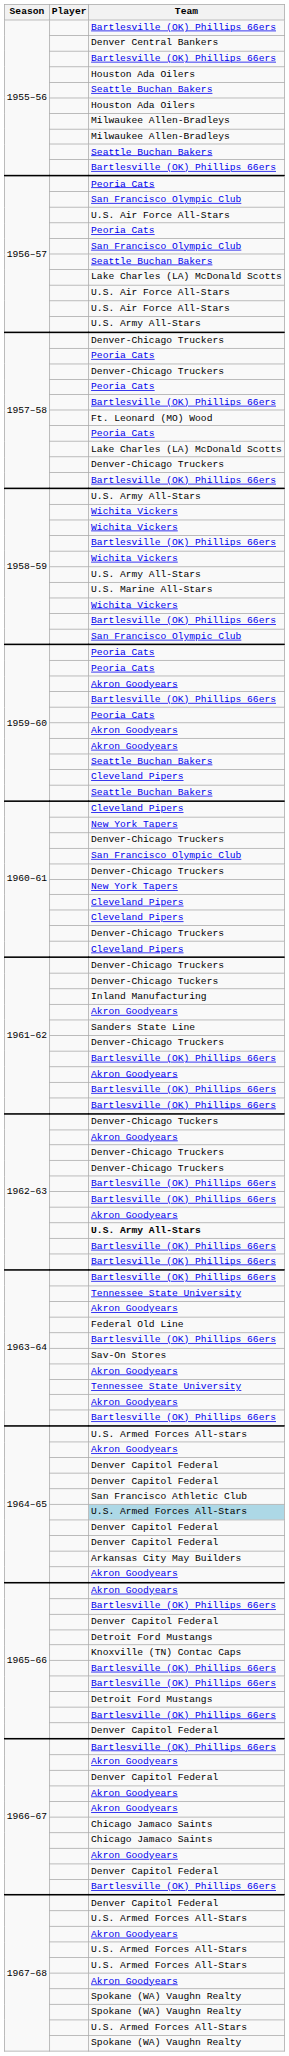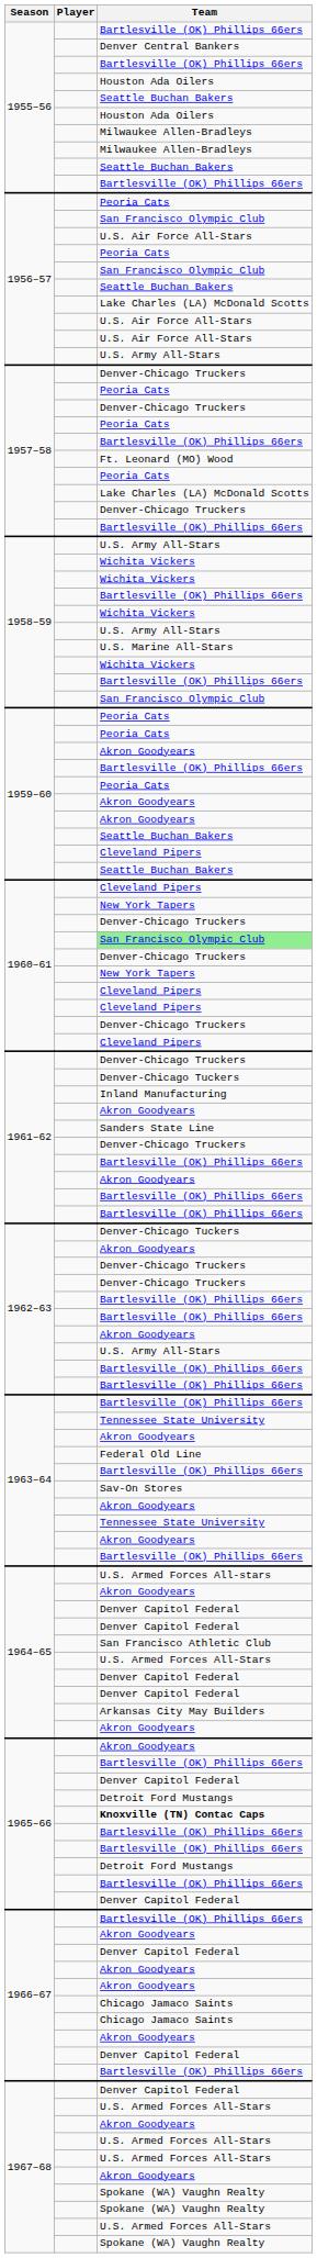 <table class="wikitable"  style="font-size:95%">
 <tr>
 <th>Season</th>
 <th>Player</th>
 <th>Team</th>
 </tr>
 <tr align=center>
 <td rowspan=10>1955–56</td>
 <td></td>
 <td align=left><a href='#'>Bartlesville (OK) Phillips 66ers</a></td>
 </tr>
 <tr align=center>
 <td></td>
 <td align=left>Denver Central Bankers</td>
 </tr>
 <tr align=center>
 <td></td>
 <td align=left><a href='#'>Bartlesville (OK) Phillips 66ers</a></td>
 </tr>
 <tr align=center>
 <td></td>
 <td align=left>Houston Ada Oilers</td>
 </tr>
 <tr align=center>
 <td></td>
 <td align=left><a href='#'>Seattle Buchan Bakers</a></td>
 </tr>
 <tr align=center>
 <td></td>
 <td align=left>Houston Ada Oilers</td>
 </tr>
 <tr align=center>
 <td></td>
 <td align=left>Milwaukee Allen-Bradleys</td>
 </tr>
 <tr align=center>
 <td></td>
 <td align=left>Milwaukee Allen-Bradleys</td>
 </tr>
 <tr align=center>
 <td></td>
 <td align=left><a href='#'>Seattle Buchan Bakers</a></td>
 </tr>
 <tr align=center>
 <td></td>
 <td align=left><a href='#'>Bartlesville (OK) Phillips 66ers</a></td>
 </tr>
 <tr style="border-top:2px solid black" align=center>
 <td rowspan=10>1956–57</td>
 <td></td>
 <td align=left><a href='#'>Peoria Cats</a></td>
 </tr>
 <tr align=center>
 <td></td>
 <td align=left><a href='#'>San Francisco Olympic Club</a></td>
 </tr>
 <tr align=center>
 <td></td>
 <td align=left>U.S. Air Force All-Stars</td>
 </tr>
 <tr align=center>
 <td></td>
 <td align=left><a href='#'>Peoria Cats</a></td>
 </tr>
 <tr align=center>
 <td></td>
 <td align=left><a href='#'>San Francisco Olympic Club</a></td>
 </tr>
 <tr align=center>
 <td></td>
 <td align=left><a href='#'>Seattle Buchan Bakers</a></td>
 </tr>
 <tr align=center>
 <td></td>
 <td align=left>Lake Charles (LA) McDonald Scotts</td>
 </tr>
 <tr align=center>
 <td></td>
 <td align=left>U.S. Air Force All-Stars</td>
 </tr>
 <tr align=center>
 <td></td>
 <td align=left>U.S. Air Force All-Stars</td>
 </tr>
 <tr align=center>
 <td></td>
 <td align=left>U.S. Army All-Stars</td>
 </tr>
 <tr style="border-top:2px solid black" align=center>
 <td rowspan=10>1957–58</td>
 <td></td>
 <td align=left>Denver-Chicago Truckers</td>
 </tr>
 <tr align=center>
 <td></td>
 <td align=left><a href='#'>Peoria Cats</a></td>
 </tr>
 <tr align=center>
 <td></td>
 <td align=left>Denver-Chicago Truckers</td>
 </tr>
 <tr align=center>
 <td></td>
 <td align=left><a href='#'>Peoria Cats</a></td>
 </tr>
 <tr align=center>
 <td></td>
 <td align=left><a href='#'>Bartlesville (OK) Phillips 66ers</a></td>
 </tr>
 <tr align=center>
 <td></td>
 <td align=left>Ft. Leonard (MO) Wood</td>
 </tr>
 <tr align=center>
 <td></td>
 <td align=left><a href='#'>Peoria Cats</a></td>
 </tr>
 <tr align=center>
 <td></td>
 <td align=left>Lake Charles (LA) McDonald Scotts</td>
 </tr>
 <tr align=center>
 <td></td>
 <td align=left>Denver-Chicago Truckers</td>
 </tr>
 <tr align=center>
 <td></td>
 <td align=left><a href='#'>Bartlesville (OK) Phillips 66ers</a></td>
 </tr>
 <tr style="border-top:2px solid black" align=center>
 <td rowspan=10>1958–59</td>
 <td></td>
 <td align=left>U.S. Army All-Stars</td>
 </tr>
 <tr align=center>
 <td></td>
 <td align=left><a href='#'>Wichita Vickers</a></td>
 </tr>
 <tr align=center>
 <td></td>
 <td align=left><a href='#'>Wichita Vickers</a></td>
 </tr>
 <tr align=center>
 <td></td>
 <td align=left><a href='#'>Bartlesville (OK) Phillips 66ers</a></td>
 </tr>
 <tr align=center>
 <td></td>
 <td align=left><a href='#'>Wichita Vickers</a></td>
 </tr>
 <tr align=center>
 <td></td>
 <td align=left>U.S. Army All-Stars</td>
 </tr>
 <tr align=center>
 <td></td>
 <td align=left>U.S. Marine All-Stars</td>
 </tr>
 <tr align=center>
 <td></td>
 <td align=left><a href='#'>Wichita Vickers</a></td>
 </tr>
 <tr align=center>
 <td></td>
 <td align=left><a href='#'>Bartlesville (OK) Phillips 66ers</a></td>
 </tr>
 <tr align=center>
 <td></td>
 <td align=left><a href='#'>San Francisco Olympic Club</a></td>
 </tr>
 <tr style="border-top:2px solid black" align=center>
 <td rowspan=10>1959–60</td>
 <td></td>
 <td align=left><a href='#'>Peoria Cats</a></td>
 </tr>
 <tr align=center>
 <td></td>
 <td align=left><a href='#'>Peoria Cats</a></td>
 </tr>
 <tr align=center>
 <td></td>
 <td align=left><a href='#'>Akron Goodyears</a></td>
 </tr>
 <tr align=center>
 <td></td>
 <td align=left><a href='#'>Bartlesville (OK) Phillips 66ers</a></td>
 </tr>
 <tr align=center>
 <td></td>
 <td align=left><a href='#'>Peoria Cats</a></td>
 </tr>
 <tr align=center>
 <td></td>
 <td align=left><a href='#'>Akron Goodyears</a></td>
 </tr>
 <tr align=center>
 <td></td>
 <td align=left><a href='#'>Akron Goodyears</a></td>
 </tr>
 <tr align=center>
 <td></td>
 <td align=left><a href='#'>Seattle Buchan Bakers</a></td>
 </tr>
 <tr align=center>
 <td></td>
 <td align=left><a href='#'>Cleveland Pipers</a></td>
 </tr>
 <tr align=center>
 <td></td>
 <td align=left><a href='#'>Seattle Buchan Bakers</a></td>
 </tr>
 <tr style="border-top:2px solid black" align=center>
 <td rowspan=10>1960–61</td>
 <td></td>
 <td align=left><a href='#'>Cleveland Pipers</a></td>
 </tr>
 <tr align=center>
 <td></td>
 <td align=left><a href='#'>New York Tapers</a></td>
 </tr>
 <tr align=center>
 <td></td>
 <td align=left>Denver-Chicago Truckers</td>
 </tr>
 <tr align=center>
 <td></td>
-<td align=left><a href='#'>San Francisco Olympic Club</a></td>
+<td align=left style="background: lightgreen;"><a href='#'>San Francisco Olympic Club</a></td>
 </tr>
 <tr align=center>
 <td></td>
 <td align=left>Denver-Chicago Truckers</td>
 </tr>
 <tr align=center>
 <td></td>
 <td align=left><a href='#'>New York Tapers</a></td>
 </tr>
 <tr align=center>
 <td></td>
 <td align=left><a href='#'>Cleveland Pipers</a></td>
 </tr>
 <tr align=center>
 <td></td>
 <td align=left><a href='#'>Cleveland Pipers</a></td>
 </tr>
 <tr align=center>
 <td></td>
 <td align=left>Denver-Chicago Truckers</td>
 </tr>
 <tr align=center>
 <td></td>
 <td align=left><a href='#'>Cleveland Pipers</a></td>
 </tr>
 <tr style="border-top:2px solid black" align=center>
 <td rowspan=10>1961–62</td>
 <td></td>
 <td align=left>Denver-Chicago Truckers</td>
 </tr>
 <tr align=center>
 <td></td>
 <td align=left>Denver-Chicago Tuckers</td>
 </tr>
 <tr align=center>
 <td></td>
 <td align=left>Inland Manufacturing</td>
 </tr>
 <tr align=center>
 <td></td>
 <td align=left><a href='#'>Akron Goodyears</a></td>
 </tr>
 <tr align=center>
 <td></td>
 <td align=left>Sanders State Line</td>
 </tr>
 <tr align=center>
 <td></td>
 <td align=left>Denver-Chicago Truckers</td>
 </tr>
 <tr align=center>
 <td></td>
 <td align=left><a href='#'>Bartlesville (OK) Phillips 66ers</a></td>
 </tr>
 <tr align=center>
 <td></td>
 <td align=left><a href='#'>Akron Goodyears</a></td>
 </tr>
 <tr align=center>
 <td></td>
 <td align=left><a href='#'>Bartlesville (OK) Phillips 66ers</a></td>
 </tr>
 <tr align=center>
 <td></td>
 <td align=left><a href='#'>Bartlesville (OK) Phillips 66ers</a></td>
 </tr>
 <tr style="border-top:2px solid black" align=center>
 <td rowspan=10>1962–63</td>
 <td></td>
 <td align=left>Denver-Chicago Tuckers</td>
 </tr>
 <tr align=center>
 <td></td>
 <td align=left><a href='#'>Akron Goodyears</a></td>
 </tr>
 <tr align=center>
 <td></td>
 <td align=left>Denver-Chicago Truckers</td>
 </tr>
 <tr align=center>
 <td></td>
 <td align=left>Denver-Chicago Truckers</td>
 </tr>
 <tr align=center>
 <td></td>
 <td align=left><a href='#'>Bartlesville (OK) Phillips 66ers</a></td>
 </tr>
 <tr align=center>
 <td></td>
 <td align=left><a href='#'>Bartlesville (OK) Phillips 66ers</a></td>
 </tr>
 <tr align=center>
 <td></td>
 <td align=left><a href='#'>Akron Goodyears</a></td>
 </tr>
 <tr align=center>
 <td></td>
-<td align=left><strong>U.S. Army All-Stars</strong></td>
+<td align=left>U.S. Army All-Stars</td>
 </tr>
 <tr align=center>
 <td></td>
 <td align=left><a href='#'>Bartlesville (OK) Phillips 66ers</a></td>
 </tr>
 <tr align=center>
 <td></td>
 <td align=left><a href='#'>Bartlesville (OK) Phillips 66ers</a></td>
 </tr>
 <tr style="border-top:2px solid black" align=center>
 <td rowspan=10>1963–64</td>
 <td></td>
 <td align=left><a href='#'>Bartlesville (OK) Phillips 66ers</a></td>
 </tr>
 <tr align=center>
 <td></td>
 <td align=left><a href='#'>Tennessee State University</a></td>
 </tr>
 <tr align=center>
 <td></td>
 <td align=left><a href='#'>Akron Goodyears</a></td>
 </tr>
 <tr align=center>
 <td></td>
 <td align=left>Federal Old Line</td>
 </tr>
 <tr align=center>
 <td></td>
 <td align=left><a href='#'>Bartlesville (OK) Phillips 66ers</a></td>
 </tr>
 <tr align=center>
 <td></td>
 <td align=left>Sav-On Stores</td>
 </tr>
 <tr align=center>
 <td></td>
 <td align=left><a href='#'>Akron Goodyears</a></td>
 </tr>
 <tr align=center>
 <td></td>
 <td align=left><a href='#'>Tennessee State University</a></td>
 </tr>
 <tr align=center>
 <td></td>
 <td align=left><a href='#'>Akron Goodyears</a></td>
 </tr>
 <tr align=center>
 <td></td>
 <td align=left><a href='#'>Bartlesville (OK) Phillips 66ers</a></td>
 </tr>
 <tr style="border-top:2px solid black" align=center>
 <td rowspan=10>1964–65</td>
 <td></td>
 <td align=left>U.S. Armed Forces All-stars</td>
 </tr>
 <tr align=center>
 <td></td>
 <td align=left><a href='#'>Akron Goodyears</a></td>
 </tr>
 <tr align=center>
 <td></td>
 <td align=left>Denver Capitol Federal</td>
 </tr>
 <tr align=center>
 <td></td>
 <td align=left>Denver Capitol Federal</td>
 </tr>
 <tr align=center>
 <td></td>
 <td align=left>San Francisco Athletic Club</td>
 </tr>
 <tr align=center>
 <td></td>
-<td align=left style="background: lightblue;">U.S. Armed Forces All-Stars</td>
+<td align=left>U.S. Armed Forces All-Stars</td>
 </tr>
 <tr align=center>
 <td></td>
 <td align=left>Denver Capitol Federal</td>
 </tr>
 <tr align=center>
 <td></td>
 <td align=left>Denver Capitol Federal</td>
 </tr>
 <tr align=center>
 <td></td>
 <td align=left>Arkansas City May Builders</td>
 </tr>
 <tr align=center>
 <td></td>
 <td align=left><a href='#'>Akron Goodyears</a></td>
 </tr>
 <tr style="border-top:2px solid black" align=center>
 <td rowspan=10>1965–66</td>
 <td></td>
 <td align=left><a href='#'>Akron Goodyears</a></td>
 </tr>
 <tr align=center>
 <td></td>
 <td align=left><a href='#'>Bartlesville (OK) Phillips 66ers</a></td>
 </tr>
 <tr align=center>
 <td></td>
 <td align=left>Denver Capitol Federal</td>
 </tr>
 <tr align=center>
 <td></td>
 <td align=left>Detroit Ford Mustangs</td>
 </tr>
 <tr align=center>
 <td></td>
-<td align=left>Knoxville (TN) Contac Caps</td>
+<td align=left><strong>Knoxville (TN) Contac Caps</strong></td>
 </tr>
 <tr align=center>
 <td></td>
 <td align=left><a href='#'>Bartlesville (OK) Phillips 66ers</a></td>
 </tr>
 <tr align=center>
 <td></td>
 <td align=left><a href='#'>Bartlesville (OK) Phillips 66ers</a></td>
 </tr>
 <tr align=center>
 <td></td>
 <td align=left>Detroit Ford Mustangs</td>
 </tr>
 <tr align=center>
 <td></td>
 <td align=left><a href='#'>Bartlesville (OK) Phillips 66ers</a></td>
 </tr>
 <tr align=center>
 <td></td>
 <td align=left>Denver Capitol Federal</td>
 </tr>
 <tr style="border-top:2px solid black" align=center>
 <td rowspan=10>1966–67</td>
 <td></td>
 <td align=left><a href='#'>Bartlesville (OK) Phillips 66ers</a></td>
 </tr>
 <tr align=center>
 <td></td>
 <td align=left><a href='#'>Akron Goodyears</a></td>
 </tr>
 <tr align=center>
 <td></td>
 <td align=left>Denver Capitol Federal</td>
 </tr>
 <tr align=center>
 <td></td>
 <td align=left><a href='#'>Akron Goodyears</a></td>
 </tr>
 <tr align=center>
 <td></td>
 <td align=left><a href='#'>Akron Goodyears</a></td>
 </tr>
 <tr align=center>
 <td></td>
 <td align=left>Chicago Jamaco Saints</td>
 </tr>
 <tr align=center>
 <td></td>
 <td align=left>Chicago Jamaco Saints</td>
 </tr>
 <tr align=center>
 <td></td>
 <td align=left><a href='#'>Akron Goodyears</a></td>
 </tr>
 <tr align=center>
 <td></td>
 <td align=left>Denver Capitol Federal</td>
 </tr>
 <tr align=center>
 <td></td>
 <td align=left><a href='#'>Bartlesville (OK) Phillips 66ers</a></td>
 </tr>
 <tr style="border-top:2px solid black" align=center>
 <td rowspan=10>1967–68</td>
 <td></td>
 <td align=left>Denver Capitol Federal</td>
 </tr>
 <tr align=center>
 <td></td>
 <td align=left>U.S. Armed Forces All-Stars</td>
 </tr>
 <tr align=center>
 <td></td>
 <td align=left><a href='#'>Akron Goodyears</a></td>
 </tr>
 <tr align=center>
 <td></td>
 <td align=left>U.S. Armed Forces All-Stars</td>
 </tr>
 <tr align=center>
 <td></td>
 <td align=left>U.S. Armed Forces All-Stars</td>
 </tr>
 <tr align=center>
 <td></td>
 <td align=left><a href='#'>Akron Goodyears</a></td>
 </tr>
 <tr align=center>
 <td></td>
 <td align=left>Spokane (WA) Vaughn Realty</td>
 </tr>
 <tr align=center>
 <td></td>
 <td align=left>Spokane (WA) Vaughn Realty</td>
 </tr>
 <tr align=center>
 <td></td>
 <td align=left>U.S. Armed Forces All-Stars</td>
 </tr>
 <tr align=center>
 <td></td>
 <td align=left>Spokane (WA) Vaughn Realty</td>
 </tr>
 </table>
